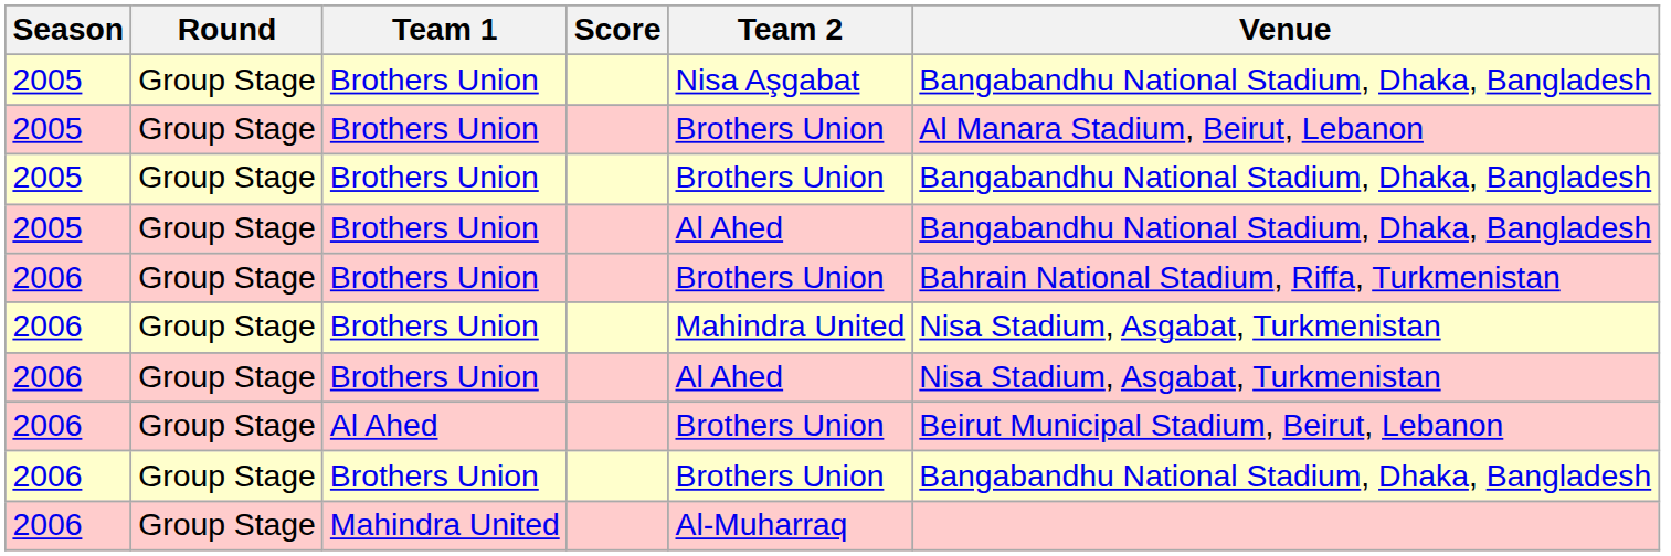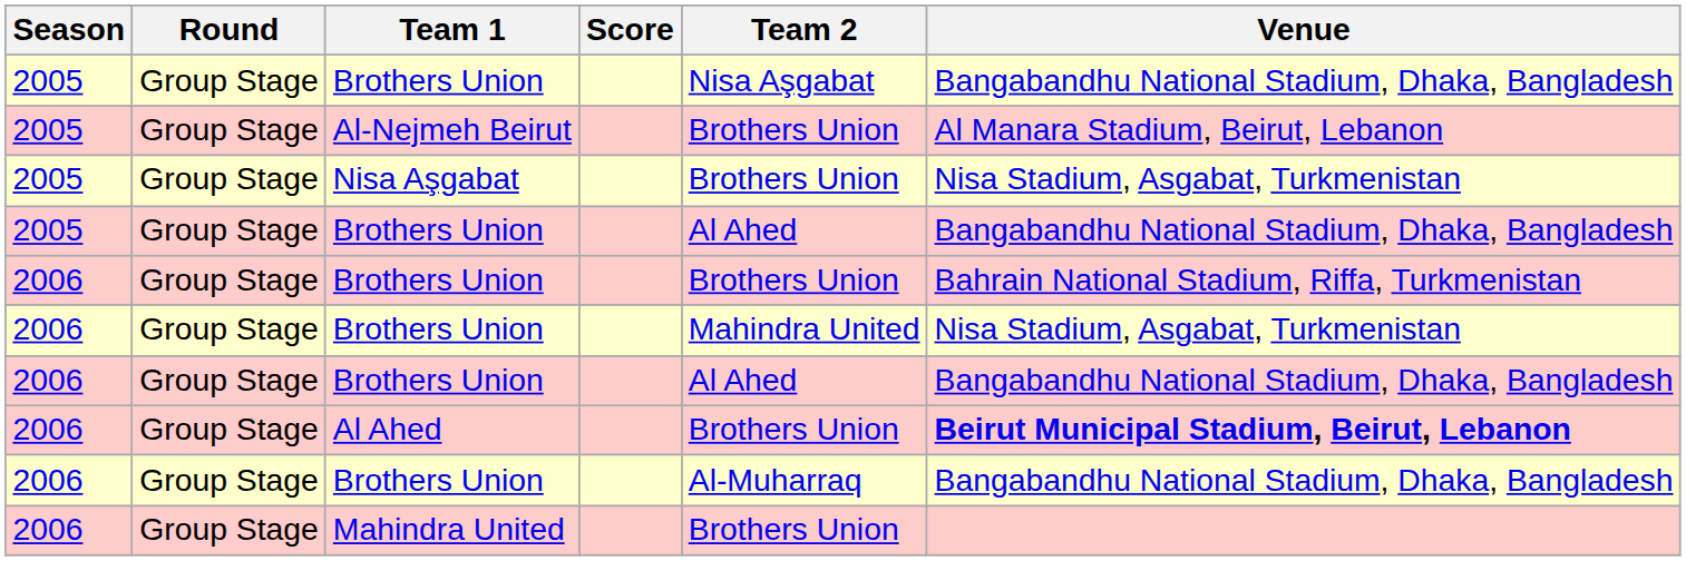 <table class="wikitable">
 <tr>
 <th>Season</th>
 <th>Round</th>
 <th>Team 1</th>
 <th>Score</th>
 <th>Team 2</th>
 <th>Venue</th>
 </tr>
 <tr style="background:#FFFFCC;">
 <td><a href='#'>2005</a></td>
 <td>Group Stage</td>
 <td> <a href='#'>Brothers Union</a></td>
 <td></td>
 <td> <a href='#'>Nisa Aşgabat</a></td>
 <td><a href='#'>Bangabandhu National Stadium</a>, <a href='#'>Dhaka</a>, <a href='#'>Bangladesh</a></td>
 </tr>
 <tr style="background:#FFCCCC;">
 <td><a href='#'>2005</a></td>
 <td>Group Stage</td>
-<td> <a href='#'>Brothers Union</a></td>
+<td> <a href='#'>Al-Nejmeh Beirut</a></td>
 <td></td>
 <td> <a href='#'>Brothers Union</a></td>
 <td><a href='#'>Al Manara Stadium</a>, <a href='#'>Beirut</a>, <a href='#'>Lebanon</a></td>
 </tr>
 <tr style="background:#FFFFCC;">
 <td><a href='#'>2005</a></td>
 <td>Group Stage</td>
-<td> <a href='#'>Brothers Union</a></td>
+<td> <a href='#'>Nisa Aşgabat</a></td>
 <td></td>
 <td> <a href='#'>Brothers Union</a></td>
-<td><a href='#'>Bangabandhu National Stadium</a>, <a href='#'>Dhaka</a>, <a href='#'>Bangladesh</a></td>
+<td><a href='#'>Nisa Stadium</a>, <a href='#'>Asgabat</a>, <a href='#'>Turkmenistan</a></td>
 </tr>
 <tr style="background:#FFCCCC;">
 <td><a href='#'>2005</a></td>
 <td>Group Stage</td>
 <td> <a href='#'>Brothers Union</a></td>
 <td></td>
 <td> <a href='#'>Al Ahed</a></td>
 <td><a href='#'>Bangabandhu National Stadium</a>, <a href='#'>Dhaka</a>, <a href='#'>Bangladesh</a></td>
 </tr>
 <tr style="background:#FFCCCC;">
 <td><a href='#'>2006</a></td>
 <td>Group Stage</td>
 <td> <a href='#'>Brothers Union</a></td>
 <td></td>
 <td> <a href='#'>Brothers Union</a></td>
 <td><a href='#'>Bahrain National Stadium</a>, <a href='#'>Riffa</a>, <a href='#'>Turkmenistan</a></td>
 </tr>
 <tr style="background:#FFFFCC;">
 <td><a href='#'>2006</a></td>
 <td>Group Stage</td>
 <td> <a href='#'>Brothers Union</a></td>
 <td></td>
 <td> <a href='#'>Mahindra United</a></td>
 <td><a href='#'>Nisa Stadium</a>, <a href='#'>Asgabat</a>, <a href='#'>Turkmenistan</a></td>
 </tr>
 <tr style="background:#FFCCCC;">
 <td><a href='#'>2006</a></td>
 <td>Group Stage</td>
 <td> <a href='#'>Brothers Union</a></td>
 <td></td>
 <td> <a href='#'>Al Ahed</a></td>
-<td><a href='#'>Nisa Stadium</a>, <a href='#'>Asgabat</a>, <a href='#'>Turkmenistan</a></td>
+<td><a href='#'>Bangabandhu National Stadium</a>, <a href='#'>Dhaka</a>, <a href='#'>Bangladesh</a></td>
 </tr>
 <tr style="background:#FFCCCC;">
 <td><a href='#'>2006</a></td>
 <td>Group Stage</td>
 <td> <a href='#'>Al Ahed</a></td>
 <td></td>
 <td> <a href='#'>Brothers Union</a></td>
-<td><a href='#'>Beirut Municipal Stadium</a>, <a href='#'>Beirut</a>, <a href='#'>Lebanon</a></td>
+<td><strong><a href='#'>Beirut Municipal Stadium</a>, <a href='#'>Beirut</a>, <a href='#'>Lebanon</a></strong></td>
 </tr>
 <tr style="background:#FFFFCC;">
 <td><a href='#'>2006</a></td>
 <td>Group Stage</td>
 <td> <a href='#'>Brothers Union</a></td>
 <td></td>
-<td> <a href='#'>Brothers Union</a></td>
+<td> <a href='#'>Al-Muharraq</a></td>
 <td><a href='#'>Bangabandhu National Stadium</a>, <a href='#'>Dhaka</a>, <a href='#'>Bangladesh</a></td>
 </tr>
 <tr style="background:#FFCCCC;">
 <td><a href='#'>2006</a></td>
 <td>Group Stage</td>
 <td> <a href='#'>Mahindra United</a></td>
 <td></td>
-<td> <a href='#'>Al-Muharraq</a></td>
+<td> <a href='#'>Brothers Union</a></td>
 <td></td>
 </tr>
 </table>
